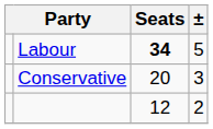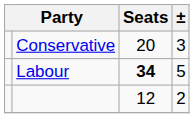 <table class="sortable wikitable">
 <tr>
 <th colspan="2">Party</th>
 <th>Seats</th>
 <th>±</th>
 </tr>
 <tr>
 <td style="background-color: "></td>
+<td><a href='#'>Conservative</a></td>
+<td align="center">20</td>
+<td align="center">3</td>
+</tr>
+<tr>
+<td style="background-color: "></td>
 <td><a href='#'>Labour</a></td>
 <td align="center"><strong>34</strong></td>
 <td align="center">5</td>
-</tr>
-<tr>
-<td style="background-color: "></td>
-<td><a href='#'>Conservative</a></td>
-<td align="center">20</td>
-<td align="center">3</td>
 </tr>
 <tr>
 <td style="background-color: "></td>
 <td><a href='#'></a></td>
 <td align="center">12</td>
 <td align="center">2</td>
 </tr>
 <tr>
 </tr>
 </table>
